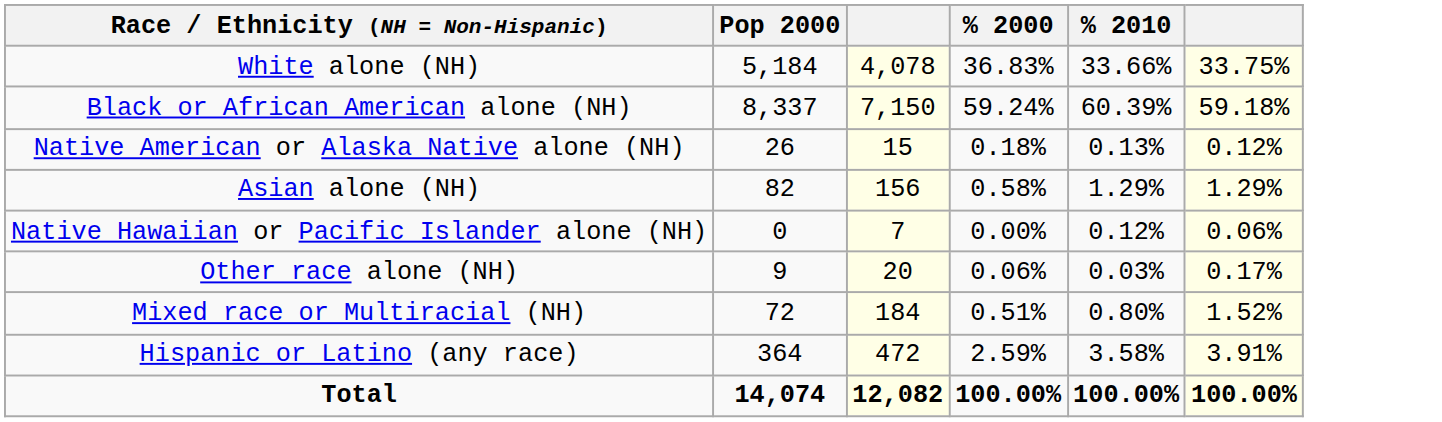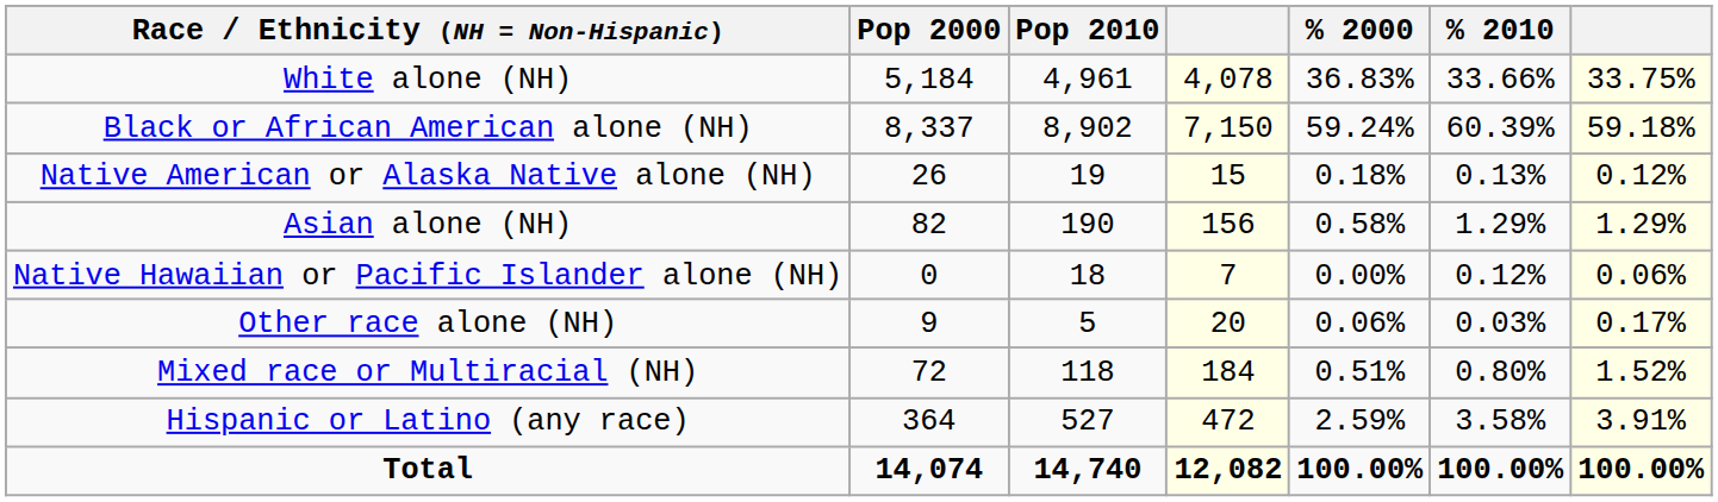 <table class="wikitable" style="text-align:center;">
 <tr>
 <th>Race / Ethnicity <small>(<em>NH = Non-Hispanic</em>)</small></th>
 <th>Pop 2000</th>
+<th>Pop 2010</th>
 <th></th>
 <th>% 2000</th>
 <th>% 2010</th>
 <th></th>
 </tr>
 <tr>
 <td><a href='#'>White</a> alone (NH)</td>
 <td>5,184</td>
+<td>4,961</td>
 <td style='background: #ffffe6;'>4,078</td>
 <td>36.83%</td>
 <td>33.66%</td>
 <td style='background: #ffffe6;'>33.75%</td>
 </tr>
 <tr>
 <td><a href='#'>Black or African American</a> alone (NH)</td>
 <td>8,337</td>
+<td>8,902</td>
 <td style='background: #ffffe6;'>7,150</td>
 <td>59.24%</td>
 <td>60.39%</td>
 <td style='background: #ffffe6;'>59.18%</td>
 </tr>
 <tr>
 <td><a href='#'>Native American</a> or <a href='#'>Alaska Native</a> alone (NH)</td>
 <td>26</td>
+<td>19</td>
 <td style='background: #ffffe6;'>15</td>
 <td>0.18%</td>
 <td>0.13%</td>
 <td style='background: #ffffe6;'>0.12%</td>
 </tr>
 <tr>
 <td><a href='#'>Asian</a> alone (NH)</td>
 <td>82</td>
+<td>190</td>
 <td style='background: #ffffe6;'>156</td>
 <td>0.58%</td>
 <td>1.29%</td>
 <td style='background: #ffffe6;'>1.29%</td>
 </tr>
 <tr>
 <td><a href='#'>Native Hawaiian</a> or <a href='#'>Pacific Islander</a> alone (NH)</td>
 <td>0</td>
+<td>18</td>
 <td style='background: #ffffe6;'>7</td>
 <td>0.00%</td>
 <td>0.12%</td>
 <td style='background: #ffffe6;'>0.06%</td>
 </tr>
 <tr>
 <td><a href='#'>Other race</a> alone (NH)</td>
 <td>9</td>
+<td>5</td>
 <td style='background: #ffffe6;'>20</td>
 <td>0.06%</td>
 <td>0.03%</td>
 <td style='background: #ffffe6;'>0.17%</td>
 </tr>
 <tr>
 <td><a href='#'>Mixed race or Multiracial</a> (NH)</td>
 <td>72</td>
+<td>118</td>
 <td style='background: #ffffe6;'>184</td>
 <td>0.51%</td>
 <td>0.80%</td>
 <td style='background: #ffffe6;'>1.52%</td>
 </tr>
 <tr>
 <td><a href='#'>Hispanic or Latino</a> (any race)</td>
 <td>364</td>
+<td>527</td>
 <td style='background: #ffffe6;'>472</td>
 <td>2.59%</td>
 <td>3.58%</td>
 <td style='background: #ffffe6;'>3.91%</td>
 </tr>
 <tr>
 <td><strong>Total</strong></td>
 <td><strong>14,074</strong></td>
+<td><strong>14,740</strong></td>
 <td style='background: #ffffe6;'><strong>12,082</strong></td>
 <td><strong>100.00%</strong></td>
 <td><strong>100.00%</strong></td>
 <td style='background: #ffffe6;'><strong>100.00%</strong></td>
 </tr>
 </table>
